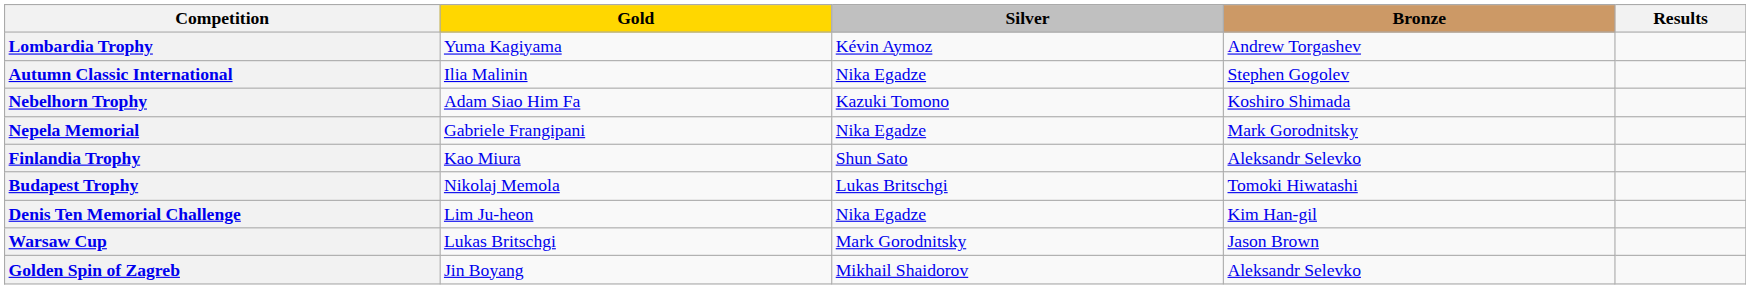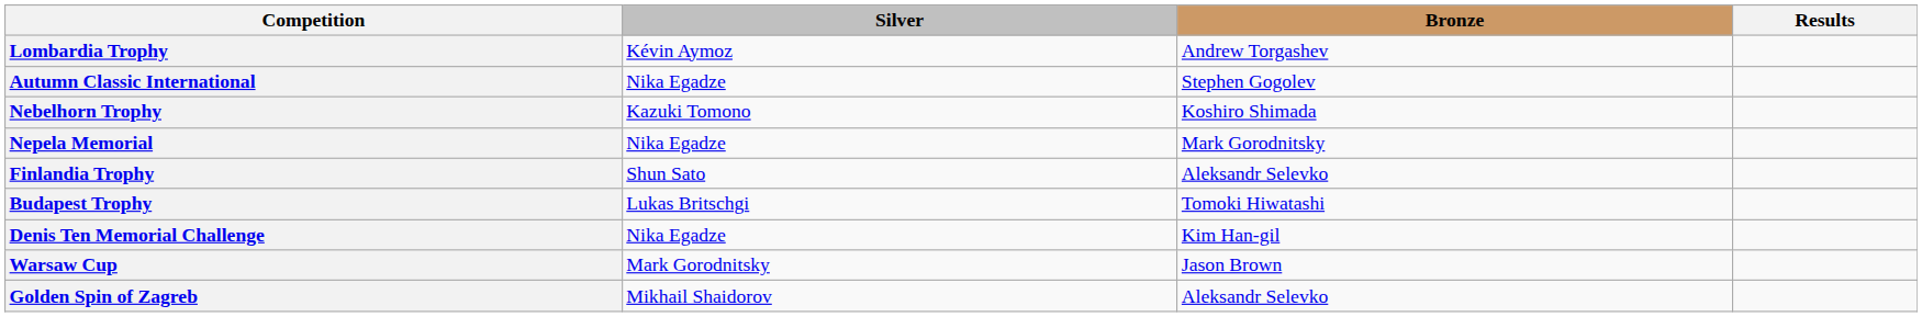 <table class="wikitable unsortable" style="text-align:left; width:100%;">
 <tr>
 <th scope="col" style="text-align:center; width:25%;">Competition</th>
-<td scope="col" style="text-align:center; width:22.5%; background:gold"><strong>Gold</strong></td>
 <td scope="col" style="text-align:center; width:22.5%; background:silver"><strong>Silver</strong></td>
 <td scope="col" style="text-align:center; width:22.5%; background:#c96"><strong>Bronze</strong></td>
 <th scope="col" style="text-align:center; width:7.5%;">Results</th>
 </tr>
 <tr>
 <th scope="row" style="text-align:left"> <a href='#'>Lombardia Trophy</a></th>
-<td> <a href='#'>Yuma Kagiyama</a></td>
 <td> <a href='#'>Kévin Aymoz</a></td>
 <td> <a href='#'>Andrew Torgashev</a></td>
 <td></td>
 </tr>
 <tr>
 <th scope="row" style="text-align:left"> <a href='#'>Autumn Classic International</a></th>
-<td> <a href='#'>Ilia Malinin</a></td>
 <td> <a href='#'>Nika Egadze</a></td>
 <td> <a href='#'>Stephen Gogolev</a></td>
 <td></td>
 </tr>
 <tr>
 <th scope="row" style="text-align:left"> <a href='#'>Nebelhorn Trophy</a></th>
-<td> <a href='#'>Adam Siao Him Fa</a></td>
 <td> <a href='#'>Kazuki Tomono</a></td>
 <td> <a href='#'>Koshiro Shimada</a></td>
 <td></td>
 </tr>
 <tr>
 <th scope="row" style="text-align:left"> <a href='#'>Nepela Memorial</a></th>
-<td> <a href='#'>Gabriele Frangipani</a></td>
 <td> <a href='#'>Nika Egadze</a></td>
 <td> <a href='#'>Mark Gorodnitsky</a></td>
 <td></td>
 </tr>
 <tr>
 <th scope="row" style="text-align:left"> <a href='#'>Finlandia Trophy</a></th>
-<td> <a href='#'>Kao Miura</a></td>
 <td> <a href='#'>Shun Sato</a></td>
 <td> <a href='#'>Aleksandr Selevko</a></td>
 <td></td>
 </tr>
 <tr>
 <th scope="row" style="text-align:left"> <a href='#'>Budapest Trophy</a></th>
-<td> <a href='#'>Nikolaj Memola</a></td>
 <td> <a href='#'>Lukas Britschgi</a></td>
 <td> <a href='#'>Tomoki Hiwatashi</a></td>
 <td></td>
 </tr>
 <tr>
 <th scope="row" style="text-align:left"> <a href='#'>Denis Ten Memorial Challenge</a></th>
-<td> <a href='#'>Lim Ju-heon</a></td>
 <td> <a href='#'>Nika Egadze</a></td>
 <td> <a href='#'>Kim Han-gil</a></td>
 <td></td>
 </tr>
 <tr>
 <th scope="row" style="text-align:left"> <a href='#'>Warsaw Cup</a></th>
-<td> <a href='#'>Lukas Britschgi</a></td>
 <td> <a href='#'>Mark Gorodnitsky</a></td>
 <td> <a href='#'>Jason Brown</a></td>
 <td></td>
 </tr>
 <tr>
 <th scope="row" style="text-align:left"> <a href='#'>Golden Spin of Zagreb</a></th>
-<td> <a href='#'>Jin Boyang</a></td>
 <td> <a href='#'>Mikhail Shaidorov</a></td>
 <td> <a href='#'>Aleksandr Selevko</a></td>
 <td></td>
 </tr>
 </table>
